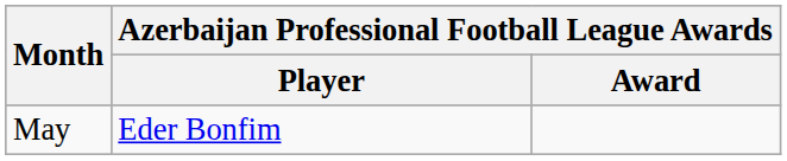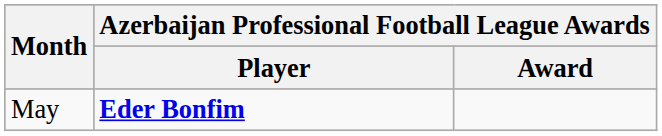 <table class="wikitable">
 <tr>
 <th rowspan=2>Month</th>
 <th colspan=2>Azerbaijan Professional Football League Awards</th>
 </tr>
 <tr>
 <th>Player</th>
 <th>Award</th>
 </tr>
 <tr>
 <td>May</td>
-<td> <a href='#'>Eder Bonfim</a></td>
+<td><strong> <a href='#'>Eder Bonfim</a></strong></td>
 <td></td>
 </tr>
 </table>
